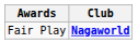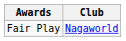 <table class="wikitable" style="font-size: 100%;">
 <tr>
 <th>Awards</th>
 <th>Club</th>
 </tr>
 <tr>
 <td>Fair Play</td>
-<td><strong><a href='#'>Nagaworld</a></strong></td>
+<td><a href='#'>Nagaworld</a></td>
 </tr>
 </table>
